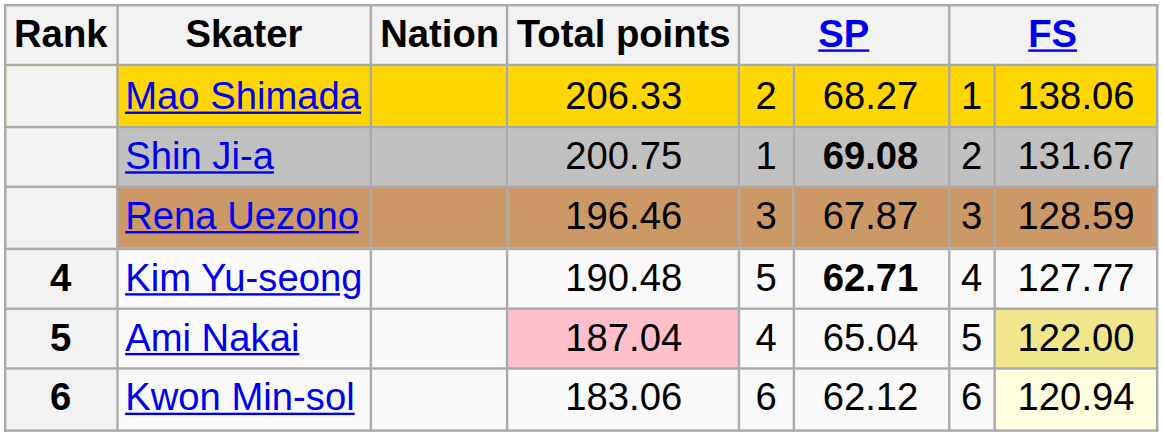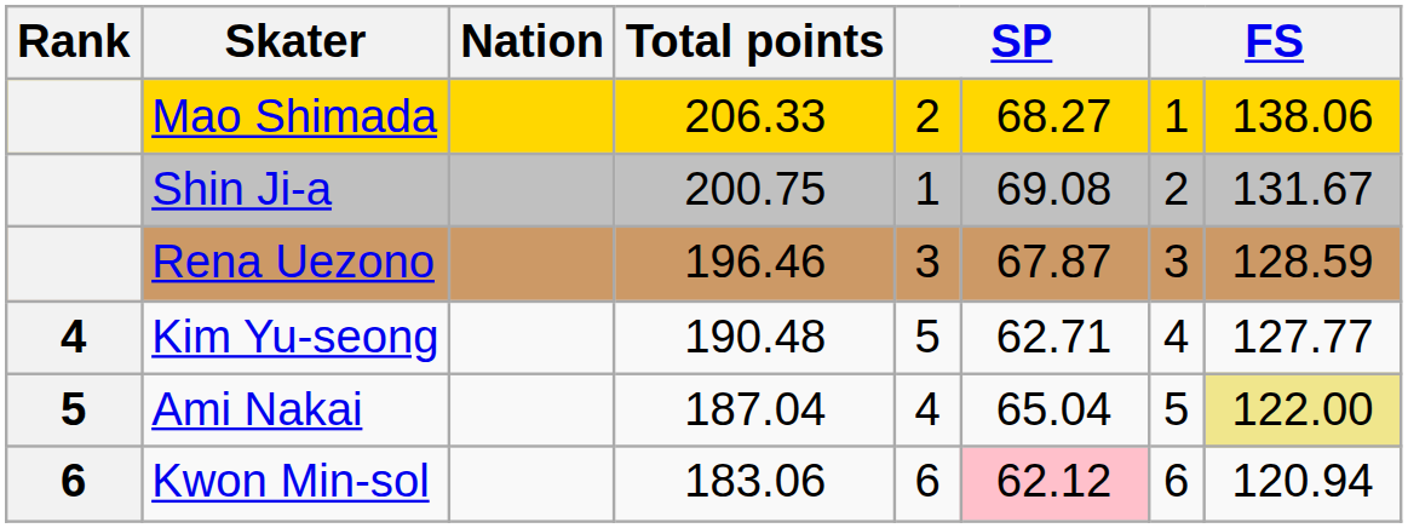 <table class="wikitable sortable" style="text-align:left">
 <tr>
 <th scope="col">Rank</th>
 <th scope="col">Skater</th>
 <th scope="col">Nation</th>
 <th scope="col">Total points</th>
 <th scope="col" colspan="2" width="80px"><a href='#'>SP</a></th>
 <th scope="col" colspan="2" width="80px"><a href='#'>FS</a></th>
 </tr>
 <tr bgcolor="gold">
 <th scope="row"></th>
 <td><a href='#'>Mao Shimada</a></td>
 <td></td>
 <td align="center">206.33</td>
 <td align="center">2</td>
 <td align="center">68.27</td>
 <td align="center">1</td>
 <td align="center">138.06</td>
 </tr>
 <tr bgcolor="silver">
 <th scope="row"></th>
 <td><a href='#'>Shin Ji-a</a></td>
 <td></td>
 <td align="center">200.75</td>
 <td align="center">1</td>
-<td align="center"><strong>69.08</strong></td>
+<td align="center">69.08</td>
 <td align="center">2</td>
 <td align="center">131.67</td>
 </tr>
 <tr bgcolor="cc9966">
 <th scope="row"></th>
 <td><a href='#'>Rena Uezono</a></td>
 <td></td>
 <td align="center">196.46</td>
 <td align="center">3</td>
 <td align="center">67.87</td>
 <td align="center">3</td>
 <td align="center">128.59</td>
 </tr>
 <tr>
 <th scope="row">4</th>
 <td><a href='#'>Kim Yu-seong</a></td>
 <td></td>
 <td align="center">190.48</td>
 <td align="center">5</td>
-<td align="center"><strong>62.71</strong></td>
+<td align="center">62.71</td>
 <td align="center">4</td>
 <td align="center">127.77</td>
 </tr>
 <tr>
 <th scope="row">5</th>
 <td><a href='#'>Ami Nakai</a></td>
 <td></td>
-<td align="center" style="background: pink;">187.04</td>
+<td align="center">187.04</td>
 <td align="center">4</td>
 <td align="center">65.04</td>
 <td align="center">5</td>
 <td align="center" style="background: khaki;">122.00</td>
 </tr>
 <tr>
 <th scope="row">6</th>
 <td><a href='#'>Kwon Min-sol</a></td>
 <td></td>
 <td align="center">183.06</td>
 <td align="center">6</td>
-<td align="center">62.12</td>
+<td align="center" style="background: pink;">62.12</td>
 <td align="center">6</td>
-<td align="center" style="background: lightyellow;">120.94</td>
+<td align="center">120.94</td>
 </tr>
 </table>
